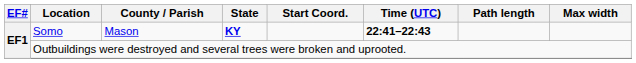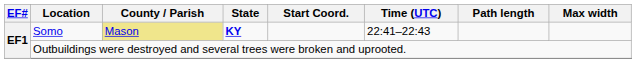 <table class="wikitable sortable" style="width:100%;">
 <tr>
 <th scope="col" width="2%" align="center"><a href='#'>EF#</a></th>
 <th scope="col" align="center" class="unsortable">Location</th>
 <th scope="col" align="center" class="unsortable">County / Parish</th>
 <th scope="col" align="center">State</th>
 <th scope="col" align="center">Start Coord.</th>
 <th scope="col" align="center">Time (<a href='#'>UTC</a>)</th>
 <th scope="col" align="center">Path length</th>
 <th scope="col" align="center">Max width</th>
 </tr>
 <tr>
 <th scope="row" rowspan="2" style="background-color:#">EF1</th>
 <td><a href='#'>Somo</a></td>
-<td><a href='#'>Mason</a></td>
+<td style="background: khaki;"><a href='#'>Mason</a></td>
 <td><strong><a href='#'>KY</a></strong></td>
 <td></td>
-<td><strong>22:41–22:43</strong></td>
+<td>22:41–22:43</td>
 <td></td>
 <td></td>
 </tr>
 <tr class="expand-child">
 <td colspan="8" style=" border-bottom: 1px solid black;">Outbuildings were destroyed and several trees were broken and uprooted.</td>
 </tr>
 <tr>
 </tr>
 </table>
